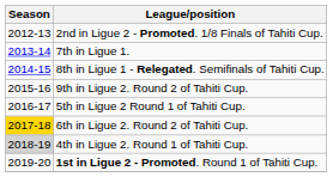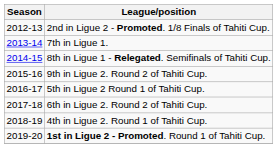 <table class="wikitable sortable">
 <tr>
 <th>Season</th>
 <th>League/position</th>
 </tr>
 <tr>
 <td>2012-13</td>
 <td>2nd in Ligue 2 - <strong>Promoted</strong>. 1/8 Finals of Tahiti Cup.</td>
 </tr>
 <tr>
 <td><a href='#'>2013-14</a></td>
 <td>7th in Ligue 1.</td>
 </tr>
 <tr>
 <td><a href='#'>2014-15</a></td>
 <td>8th in Ligue 1 - <strong>Relegated</strong>. Semifinals of Tahiti Cup.</td>
 </tr>
 <tr>
 <td>2015-16</td>
 <td>9th in Ligue 2. Round 2 of Tahiti Cup.</td>
 </tr>
 <tr>
 <td>2016-17</td>
 <td>5th in Ligue 2 Round 1 of Tahiti Cup.</td>
 </tr>
 <tr>
-<td style="background: gold;">2017-18</td>
+<td>2017-18</td>
 <td>6th in Ligue 2. Round 2 of Tahiti Cup.</td>
 </tr>
 <tr>
-<td style="background: lightgrey;">2018-19</td>
+<td>2018-19</td>
 <td>4th in Ligue 2. Round 1 of Tahiti Cup.</td>
 </tr>
 <tr>
 <td>2019-20</td>
 <td><strong>1st in Ligue 2 - Promoted</strong>. Round 1 of Tahiti Cup.</td>
 </tr>
 <tr>
 </tr>
 </table>
